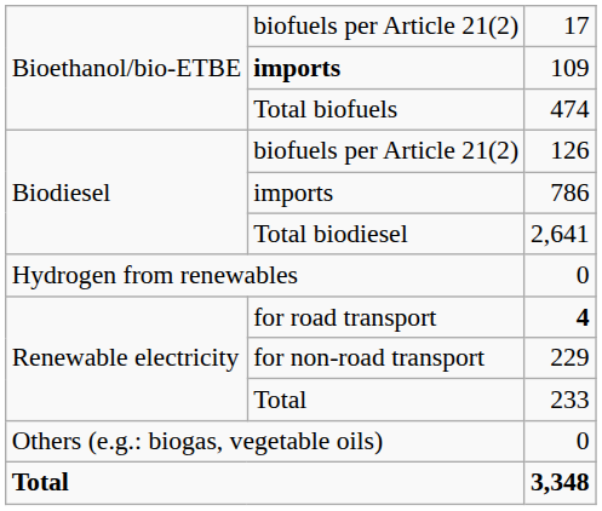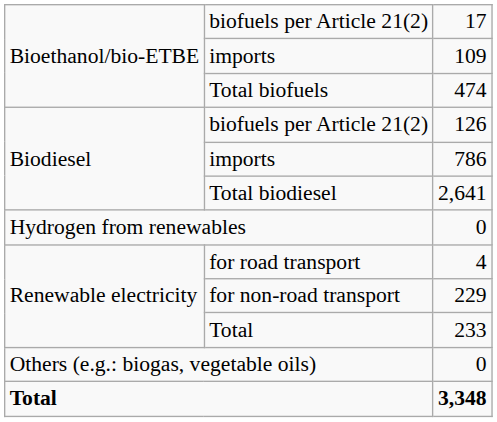 <table class="wikitable">
 <tr>
 <td rowspan="3">Bioethanol/bio-ETBE</td>
 <td>biofuels per Article 21(2)</td>
 <td align="right">17</td>
 </tr>
 <tr>
-<td><strong>imports</strong></td>
+<td>imports</td>
 <td align="right">109</td>
 </tr>
 <tr>
 <td>Total biofuels</td>
 <td align="right">474</td>
 </tr>
 <tr>
 <td rowspan="3">Biodiesel</td>
 <td>biofuels per Article 21(2)</td>
 <td align="right">126</td>
 </tr>
 <tr>
 <td>imports</td>
 <td align="right">786</td>
 </tr>
 <tr>
 <td>Total biodiesel</td>
 <td align="right">2,641</td>
 </tr>
 <tr>
 <td colspan="2">Hydrogen from renewables</td>
 <td align="right">0</td>
 </tr>
 <tr>
 <td rowspan="3">Renewable electricity</td>
 <td>for road transport</td>
-<td align="right"><strong>4</strong></td>
+<td align="right">4</td>
 </tr>
 <tr>
 <td>for non-road transport</td>
 <td align="right">229</td>
 </tr>
 <tr>
 <td>Total</td>
 <td align="right">233</td>
 </tr>
 <tr>
 <td colspan="2">Others (e.g.: biogas, vegetable oils)</td>
 <td align="right">0</td>
 </tr>
 <tr>
 <td colspan="2"><strong>Total</strong></td>
 <td align="right"><strong>3,348</strong></td>
 </tr>
 </table>
